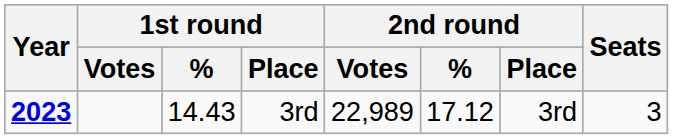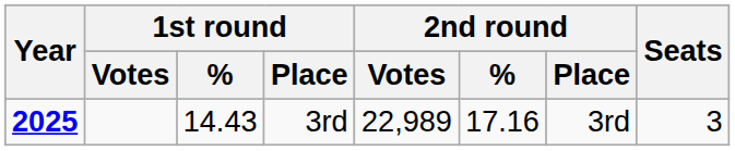 <table class="wikitable" style="text-align:right">
 <tr>
 <th rowspan=2 scope=col>Year</th>
 <th colspan=3 scope=col>1st round</th>
 <th colspan="3" scope=col>2nd round</th>
 <th rowspan="2" scope=col>Seats</th>
 </tr>
 <tr>
 <th scope=col>Votes</th>
 <th scope=col>%</th>
 <th scope=col>Place</th>
 <th scope=col>Votes</th>
 <th scope=col>%</th>
 <th scope=col>Place</th>
 </tr>
 <tr>
-<td align="center"><strong><a href='#'>2023</a></strong></td>
+<td align="center"><strong><a href='#'>2025</a></strong></td>
 <td></td>
 <td>14.43</td>
 <td>3rd</td>
 <td>22,989</td>
-<td>17.12</td>
+<td>17.16</td>
 <td>3rd</td>
 <td>3</td>
 </tr>
 </table>
